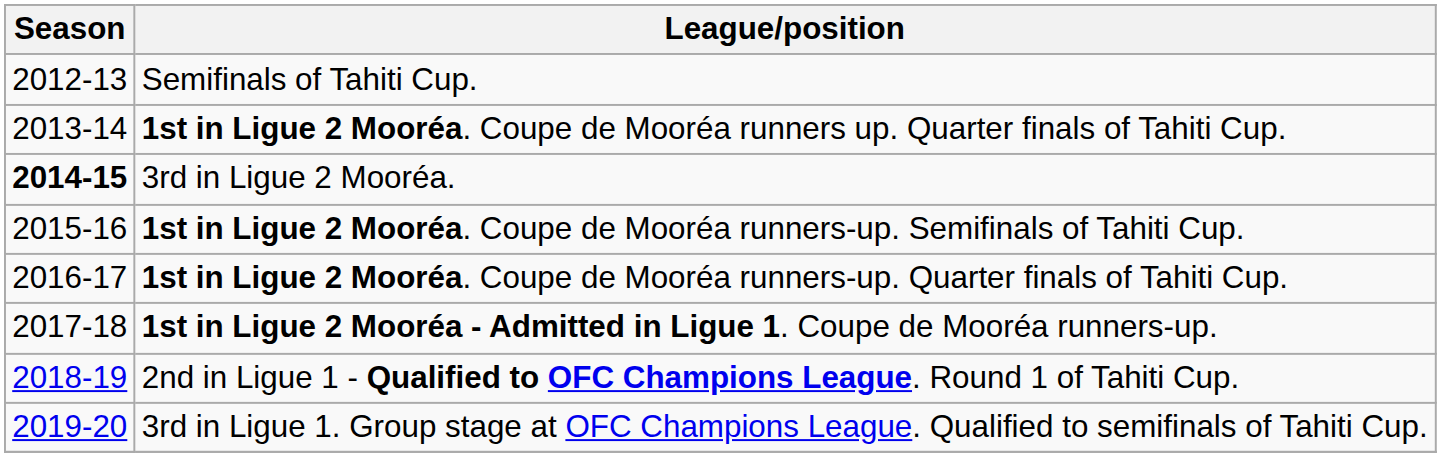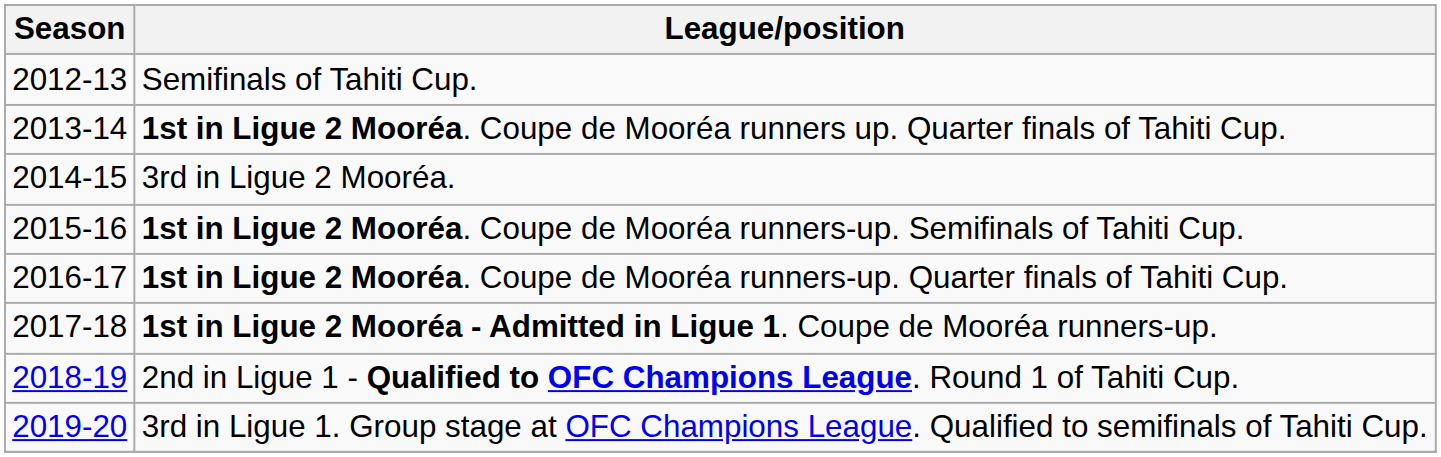 <table class="wikitable sortable">
 <tr>
 <th>Season</th>
 <th>League/position</th>
 </tr>
 <tr>
 <td>2012-13</td>
 <td>Semifinals of Tahiti Cup.</td>
 </tr>
 <tr>
 <td>2013-14</td>
 <td><strong>1st in Ligue 2 Mooréa</strong>. Coupe de Mooréa runners up. Quarter finals of Tahiti Cup.</td>
 </tr>
 <tr>
-<td><strong>2014-15</strong></td>
+<td>2014-15</td>
 <td>3rd in Ligue 2 Mooréa.</td>
 </tr>
 <tr>
 <td>2015-16</td>
 <td><strong>1st in Ligue 2 Mooréa</strong>. Coupe de Mooréa runners-up. Semifinals of Tahiti Cup.</td>
 </tr>
 <tr>
 <td>2016-17</td>
 <td><strong>1st in Ligue 2 Mooréa</strong>. Coupe de Mooréa runners-up. Quarter finals of Tahiti Cup.</td>
 </tr>
 <tr>
 <td>2017-18</td>
 <td><strong>1st in Ligue 2 Mooréa - Admitted in Ligue 1</strong>. Coupe de Mooréa runners-up.</td>
 </tr>
 <tr>
 <td><a href='#'>2018-19</a></td>
 <td>2nd in Ligue 1 - <strong>Qualified to  <a href='#'>OFC Champions League</a></strong>. Round 1 of Tahiti Cup.</td>
 </tr>
 <tr>
 <td><a href='#'>2019-20</a></td>
 <td>3rd in Ligue 1. Group stage at <a href='#'>OFC Champions League</a>. Qualified to semifinals of Tahiti Cup.</td>
 </tr>
 <tr>
 </tr>
 </table>
